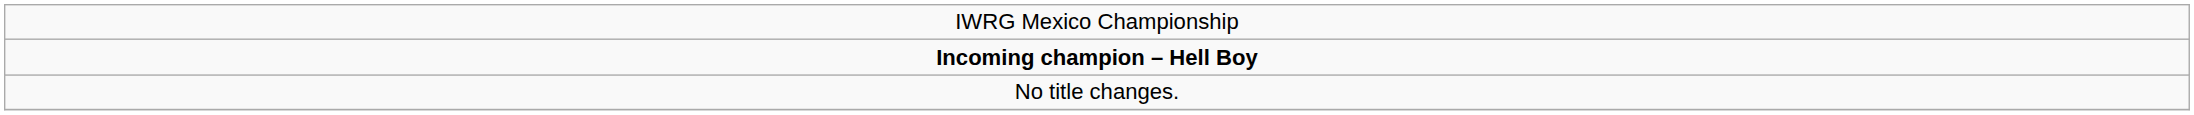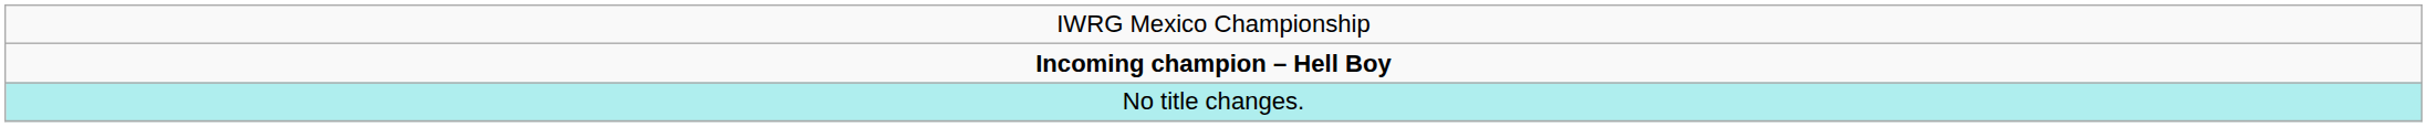 <table class="wikitable" style="text-align:center; width:100%;">
 <tr>
 <td colspan="4" style="text-align: center;">IWRG Mexico Championship</td>
 </tr>
 <tr>
 <td colspan="4" style="text-align: center;"><strong>Incoming champion – Hell Boy</strong></td>
 </tr>
 <tr>
-<td>No title changes.</td>
+<td style="background: paleturquoise;">No title changes.</td>
 </tr>
 <tr>
 </tr>
 </table>
